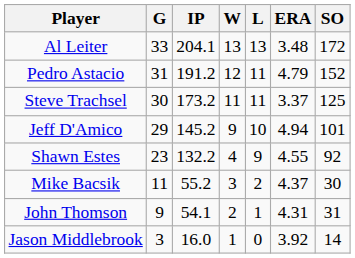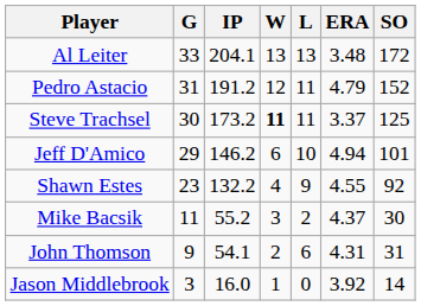 <table class="wikitable sortable">
 <tr>
 <th>Player</th>
 <th>G</th>
 <th>IP</th>
 <th>W</th>
 <th>L</th>
 <th>ERA</th>
 <th>SO</th>
 </tr>
 <tr align=center>
 <td><a href='#'>Al Leiter</a></td>
 <td>33</td>
 <td>204.1</td>
 <td>13</td>
 <td>13</td>
 <td>3.48</td>
 <td>172</td>
 </tr>
 <tr align=center>
 <td><a href='#'>Pedro Astacio</a></td>
 <td>31</td>
 <td>191.2</td>
 <td>12</td>
 <td>11</td>
 <td>4.79</td>
 <td>152</td>
 </tr>
 <tr align=center>
 <td><a href='#'>Steve Trachsel</a></td>
 <td>30</td>
 <td>173.2</td>
-<td>11</td>
+<td><strong>11</strong></td>
 <td>11</td>
 <td>3.37</td>
 <td>125</td>
 </tr>
 <tr align=center>
 <td><a href='#'>Jeff D'Amico</a></td>
 <td>29</td>
-<td>145.2</td>
-<td>9</td>
+<td>146.2</td>
+<td>6</td>
 <td>10</td>
 <td>4.94</td>
 <td>101</td>
 </tr>
 <tr align=center>
 <td><a href='#'>Shawn Estes</a></td>
 <td>23</td>
 <td>132.2</td>
 <td>4</td>
 <td>9</td>
 <td>4.55</td>
 <td>92</td>
 </tr>
 <tr align=center>
 <td><a href='#'>Mike Bacsik</a></td>
 <td>11</td>
 <td>55.2</td>
 <td>3</td>
 <td>2</td>
 <td>4.37</td>
 <td>30</td>
 </tr>
 <tr align=center>
 <td><a href='#'>John Thomson</a></td>
 <td>9</td>
 <td>54.1</td>
 <td>2</td>
-<td>1</td>
+<td>6</td>
 <td>4.31</td>
 <td>31</td>
 </tr>
 <tr align=center>
 <td><a href='#'>Jason Middlebrook</a></td>
 <td>3</td>
 <td>16.0</td>
 <td>1</td>
 <td>0</td>
 <td>3.92</td>
 <td>14</td>
 </tr>
 </table>
